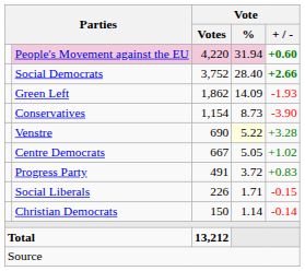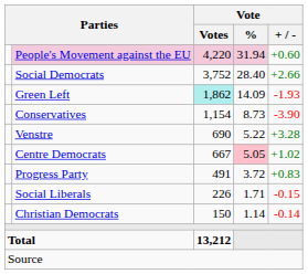 <table class="wikitable" style="text-align:right;">
 <tr>
 <th style="text-align:centre;" rowspan="2" colspan="2" width="225">Parties</th>
 <th colspan="3">Vote</th>
 </tr>
 <tr>
 <th width="15">Votes</th>
 <th width="15">%</th>
 <th width="15">+ / -</th>
 </tr>
 <tr>
 <td width="2" style="color:inherit;background:"></td>
 <td bgcolor=#f3c9dc   align="left"><a href='#'>People's Movement against the EU</a></td>
 <td bgcolor=#f3c9dc>4,220</td>
 <td bgcolor=#f3c9dc>31.94</td>
-<td style=color:green;><strong>+0.60</strong></td>
+<td style=color:green;>+0.60</td>
 </tr>
 <tr>
 <td width="2" style="color:inherit;background:"></td>
 <td align="left"><a href='#'>Social Democrats</a></td>
 <td>3,752</td>
 <td>28.40</td>
-<td style=color:green;><strong>+2.66</strong></td>
+<td style=color:green;>+2.66</td>
 </tr>
 <tr>
 <td width="2" style="color:inherit;background:"></td>
 <td align="left"><a href='#'>Green Left</a></td>
-<td>1,862</td>
+<td style="background: paleturquoise;">1,862</td>
 <td>14.09</td>
 <td style=color:red;>-1.93</td>
 </tr>
 <tr>
 <td width="2" style="color:inherit;background:"></td>
 <td align="left"><a href='#'>Conservatives</a></td>
 <td>1,154</td>
 <td>8.73</td>
 <td style=color:red;>-3.90</td>
 </tr>
 <tr>
 <td width="2" style="color:inherit;background:"></td>
 <td align="left"><a href='#'>Venstre</a></td>
 <td>690</td>
-<td style="background: lightyellow;">5.22</td>
+<td>5.22</td>
 <td style=color:green;>+3.28</td>
 </tr>
 <tr>
 <td width="2" style="color:inherit;background:"></td>
 <td align="left"><a href='#'>Centre Democrats</a></td>
 <td>667</td>
-<td>5.05</td>
+<td style="background: pink;">5.05</td>
 <td style=color:green;>+1.02</td>
 </tr>
 <tr>
 <td width="2" style="color:inherit;background:"></td>
 <td align="left"><a href='#'>Progress Party</a></td>
 <td>491</td>
 <td>3.72</td>
 <td style=color:green;>+0.83</td>
 </tr>
 <tr>
 <td width="2" style="color:inherit;background:"></td>
 <td align="left"><a href='#'>Social Liberals</a></td>
 <td>226</td>
 <td>1.71</td>
 <td style=color:red;>-0.15</td>
 </tr>
 <tr>
 <td width="2" style="color:inherit;background:"></td>
 <td align="left"><a href='#'>Christian Democrats</a></td>
 <td>150</td>
 <td>1.14</td>
 <td style=color:red;>-0.14</td>
 </tr>
 <tr>
 <td colspan="7" bgcolor="#E9E9E9"></td>
 </tr>
 <tr>
 <td align="left" colspan="2"><strong>Total</strong></td>
 <td><strong>13,212</strong></td>
 <td bgcolor="#E9E9E9" colspan="2"></td>
 </tr>
 <tr>
 <td align="left" colspan="6">Source</td>
 </tr>
 </table>
